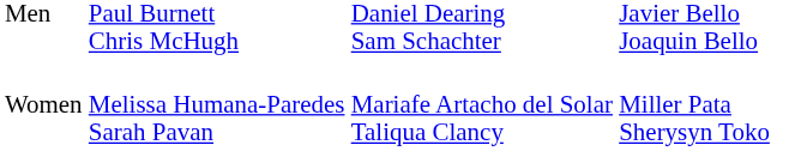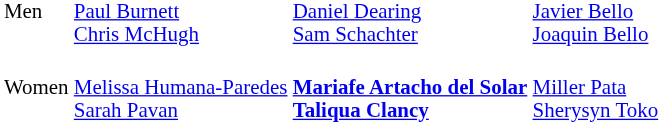 <table>
 <tr>
 <td>Men<br></td>
 <td><br><a href='#'>Paul Burnett</a><br><a href='#'>Chris McHugh</a></td>
 <td><br><a href='#'>Daniel Dearing</a><br><a href='#'>Sam Schachter</a></td>
 <td><br><a href='#'>Javier Bello</a><br><a href='#'>Joaquin Bello</a></td>
 </tr>
 <tr>
 <td>Women<br></td>
 <td><br><a href='#'>Melissa Humana-Paredes</a><br><a href='#'>Sarah Pavan</a></td>
-<td><br><a href='#'>Mariafe Artacho del Solar</a><br><a href='#'>Taliqua Clancy</a></td>
+<td><strong><br><a href='#'>Mariafe Artacho del Solar</a><br><a href='#'>Taliqua Clancy</a></strong></td>
 <td><br><a href='#'>Miller Pata</a><br><a href='#'>Sherysyn Toko</a></td>
 </tr>
 </table>
